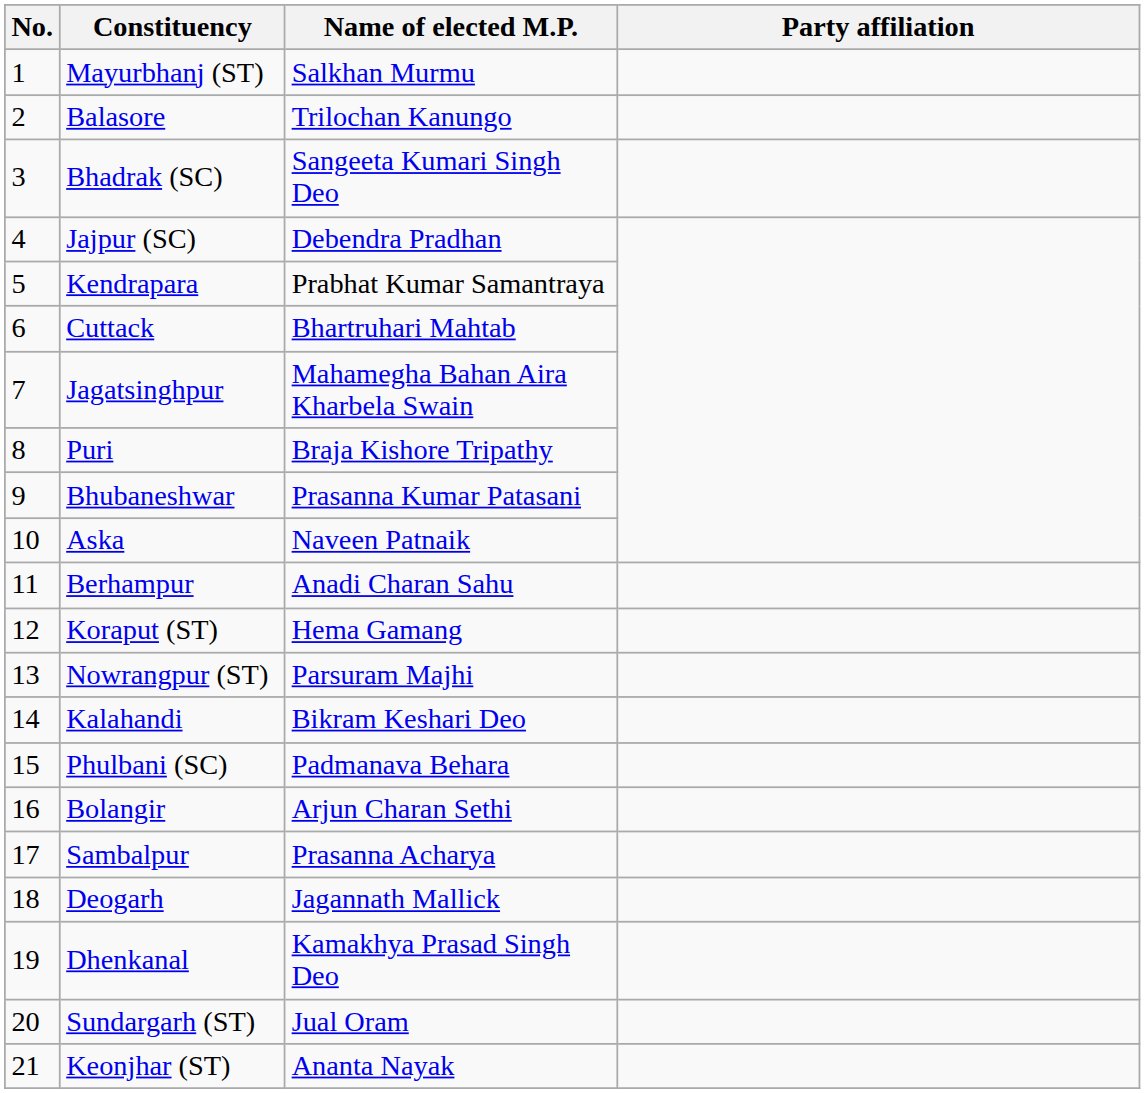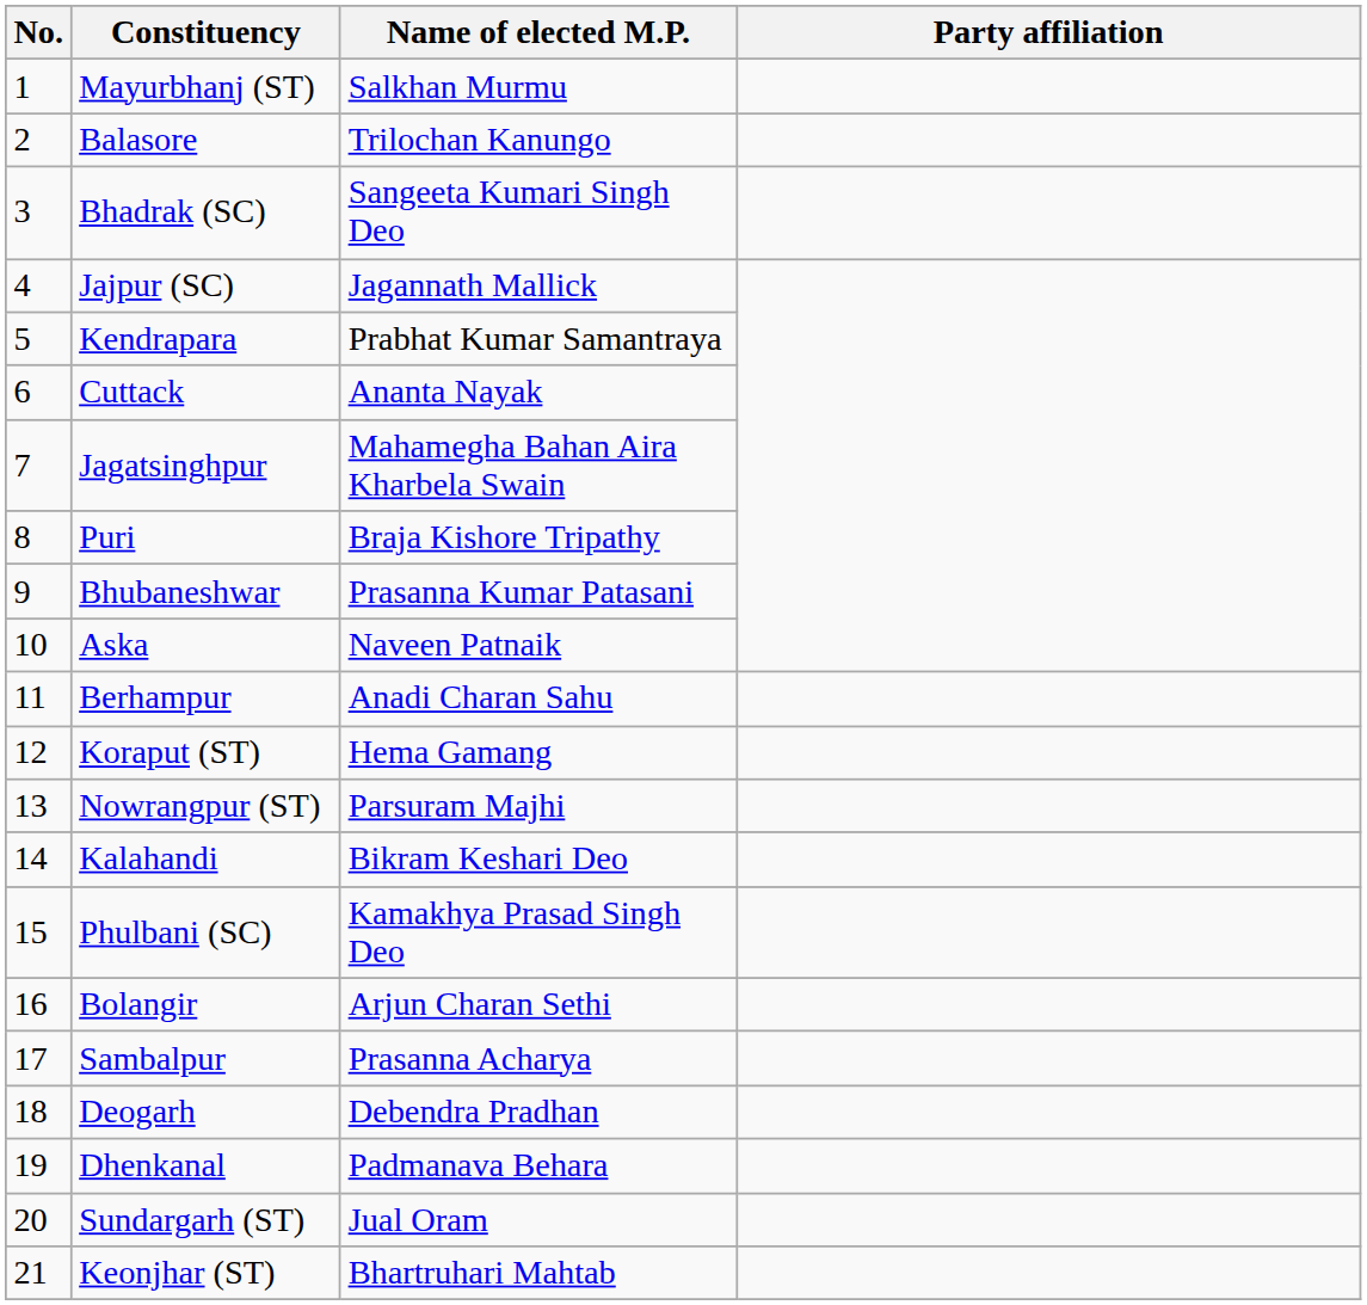 <table class="sortable wikitable">
 <tr>
 <th>No.</th>
 <th style="width:120px">Constituency</th>
 <th style="width:180px">Name of elected M.P.</th>
 <th colspan="2" style="width:18em">Party affiliation</th>
 </tr>
 <tr>
 <td>1</td>
 <td><a href='#'>Mayurbhanj</a> (ST)</td>
 <td><a href='#'>Salkhan Murmu</a></td>
 <td></td>
 </tr>
 <tr>
 <td>2</td>
 <td><a href='#'>Balasore</a></td>
 <td><a href='#'>Trilochan Kanungo</a></td>
 </tr>
 <tr>
 <td>3</td>
 <td><a href='#'>Bhadrak</a> (SC)</td>
 <td><a href='#'>Sangeeta Kumari Singh Deo</a></td>
 <td></td>
 </tr>
 <tr>
 <td>4</td>
 <td><a href='#'>Jajpur</a> (SC)</td>
-<td><a href='#'>Debendra Pradhan</a></td>
+<td><a href='#'>Jagannath Mallick</a></td>
 </tr>
 <tr>
 <td>5</td>
 <td><a href='#'>Kendrapara</a></td>
 <td>Prabhat Kumar Samantraya</td>
 </tr>
 <tr>
 <td>6</td>
 <td><a href='#'>Cuttack</a></td>
-<td><a href='#'>Bhartruhari Mahtab</a></td>
+<td><a href='#'>Ananta Nayak</a></td>
 </tr>
 <tr>
 <td>7</td>
 <td><a href='#'>Jagatsinghpur</a></td>
 <td><a href='#'>Mahamegha Bahan Aira Kharbela Swain</a></td>
 </tr>
 <tr>
 <td>8</td>
 <td><a href='#'>Puri</a></td>
 <td><a href='#'>Braja Kishore Tripathy</a></td>
 </tr>
 <tr>
 <td>9</td>
 <td><a href='#'>Bhubaneshwar</a></td>
 <td><a href='#'>Prasanna Kumar Patasani</a></td>
 </tr>
 <tr>
 <td>10</td>
 <td><a href='#'>Aska</a></td>
 <td><a href='#'>Naveen Patnaik</a></td>
 </tr>
 <tr>
 <td>11</td>
 <td><a href='#'>Berhampur</a></td>
 <td><a href='#'>Anadi Charan Sahu</a></td>
 <td></td>
 </tr>
 <tr>
 <td>12</td>
 <td><a href='#'>Koraput</a> (ST)</td>
 <td><a href='#'>Hema Gamang</a></td>
 <td></td>
 </tr>
 <tr>
 <td>13</td>
 <td><a href='#'>Nowrangpur</a> (ST)</td>
 <td><a href='#'>Parsuram Majhi</a></td>
 <td></td>
 </tr>
 <tr>
 <td>14</td>
 <td><a href='#'>Kalahandi</a></td>
 <td><a href='#'>Bikram Keshari Deo</a></td>
 </tr>
 <tr>
 <td>15</td>
 <td><a href='#'>Phulbani</a> (SC)</td>
-<td><a href='#'>Padmanava Behara</a></td>
+<td><a href='#'>Kamakhya Prasad Singh Deo</a></td>
 <td></td>
 </tr>
 <tr>
 <td>16</td>
 <td><a href='#'>Bolangir</a></td>
 <td><a href='#'>Arjun Charan Sethi</a></td>
 <td></td>
 </tr>
 <tr>
 <td>17</td>
 <td><a href='#'>Sambalpur</a></td>
 <td><a href='#'>Prasanna Acharya</a></td>
 <td></td>
 </tr>
 <tr>
 <td>18</td>
 <td><a href='#'>Deogarh</a></td>
-<td><a href='#'>Jagannath Mallick</a></td>
+<td><a href='#'>Debendra Pradhan</a></td>
 <td></td>
 </tr>
 <tr>
 <td>19</td>
 <td><a href='#'>Dhenkanal</a></td>
-<td><a href='#'>Kamakhya Prasad Singh Deo</a></td>
+<td><a href='#'>Padmanava Behara</a></td>
 <td></td>
 </tr>
 <tr>
 <td>20</td>
 <td><a href='#'>Sundargarh</a> (ST)</td>
 <td><a href='#'>Jual Oram</a></td>
 <td></td>
 </tr>
 <tr>
 <td>21</td>
 <td><a href='#'>Keonjhar</a> (ST)</td>
-<td><a href='#'>Ananta Nayak</a></td>
+<td><a href='#'>Bhartruhari Mahtab</a></td>
 </tr>
 </table>
